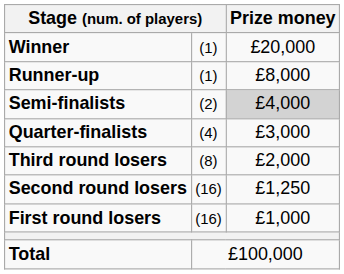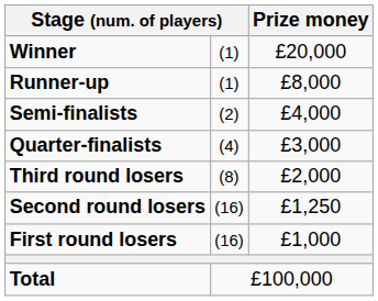 <table class="wikitable">
 <tr>
 <th colspan=2>Stage <small>(num. of players)</small></th>
 <th>Prize money</th>
 </tr>
 <tr>
 <td><strong>Winner</strong></td>
 <td align=center><small>(1)</small></td>
 <td align=center>£20,000</td>
 </tr>
 <tr>
 <td><strong>Runner-up</strong></td>
 <td align=center><small>(1)</small></td>
 <td align=center>£8,000</td>
 </tr>
 <tr>
 <td><strong>Semi-finalists</strong></td>
 <td align=center><small>(2)</small></td>
-<td align=center style="background: lightgrey;">£4,000</td>
+<td align=center>£4,000</td>
 </tr>
 <tr>
 <td><strong>Quarter-finalists</strong></td>
 <td align=center><small>(4)</small></td>
 <td align=center>£3,000</td>
 </tr>
 <tr>
 <td><strong>Third round losers</strong></td>
 <td align=center><small>(8)</small></td>
 <td align=center>£2,000</td>
 </tr>
 <tr>
 <td><strong>Second round losers</strong></td>
 <td align=center><small>(16)</small></td>
 <td align=center>£1,250</td>
 </tr>
 <tr>
 <td><strong>First round losers</strong></td>
 <td align=center><small>(16)</small></td>
 <td align=center>£1,000</td>
 </tr>
 <tr>
 <th colspan=3></th>
 </tr>
 <tr>
 <td><strong>Total</strong></td>
 <td align=center colspan=2>£100,000</td>
 </tr>
 </table>
